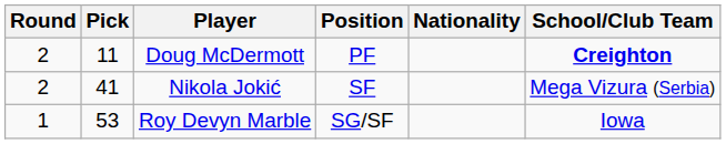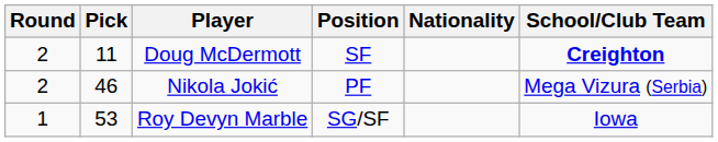 <table class="wikitable sortable sortable">
 <tr>
 <th>Round</th>
 <th>Pick</th>
 <th>Player</th>
 <th>Position</th>
 <th>Nationality</th>
 <th>School/Club Team</th>
 </tr>
 <tr style="text-align: center">
 <td>2</td>
 <td>11</td>
 <td><a href='#'>Doug McDermott</a></td>
-<td><a href='#'>PF</a></td>
+<td><a href='#'>SF</a></td>
 <td></td>
 <td><strong><a href='#'>Creighton</a></strong></td>
 </tr>
 <tr style="text-align: center">
 <td>2</td>
-<td>41</td>
+<td>46</td>
 <td><a href='#'>Nikola Jokić</a></td>
-<td><a href='#'>SF</a></td>
+<td><a href='#'>PF</a></td>
 <td></td>
 <td><a href='#'>Mega Vizura</a> <small>(<a href='#'>Serbia</a>)</small></td>
 </tr>
 <tr style="text-align: center">
 <td>1</td>
 <td>53</td>
 <td><a href='#'>Roy Devyn Marble</a></td>
 <td><a href='#'>SG</a>/SF</td>
 <td></td>
 <td><a href='#'>Iowa</a></td>
 </tr>
 </table>
